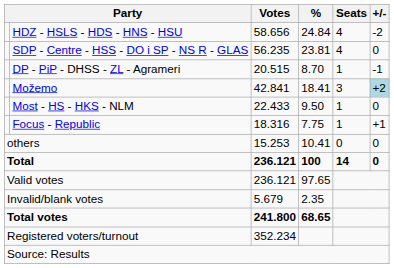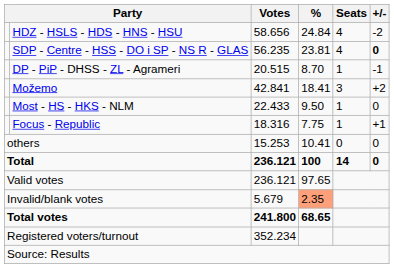 <table class="wikitable" style="text-align: left;">
 <tr>
 <th colspan="2">Party</th>
 <th>Votes</th>
 <th>%</th>
 <th>Seats</th>
 <th>+/-</th>
 </tr>
 <tr>
 <td style="background-color: "></td>
 <td><a href='#'>HDZ</a> - <a href='#'>HSLS</a> - <a href='#'>HDS</a> - <a href='#'>HNS</a> - <a href='#'>HSU</a></td>
 <td>58.656</td>
 <td>24.84</td>
 <td>4</td>
 <td>-2</td>
 </tr>
 <tr>
 <td style="background-color: "></td>
 <td><a href='#'>SDP</a> - <a href='#'>Centre</a> - <a href='#'>HSS</a> - <a href='#'>DO i SP</a> - <a href='#'>NS R</a> - <a href='#'>GLAS</a></td>
 <td>56.235</td>
 <td>23.81</td>
 <td>4</td>
-<td>0</td>
+<td><strong>0</strong></td>
 </tr>
 <tr>
 <td style="background-color: "></td>
 <td><a href='#'>DP</a> - <a href='#'>PiP</a> - DHSS - <a href='#'>ZL</a> - Agrameri</td>
 <td>20.515</td>
 <td>8.70</td>
 <td>1</td>
 <td>-1</td>
 </tr>
 <tr>
 <td style="background-color: "></td>
 <td><a href='#'>Možemo</a></td>
 <td>42.841</td>
 <td>18.41</td>
 <td>3</td>
-<td style="background: lightblue;">+2</td>
+<td>+2</td>
 </tr>
 <tr>
 <td style="background-color: "></td>
 <td><a href='#'>Most</a> - <a href='#'>HS</a> - <a href='#'>HKS</a> - NLM</td>
 <td>22.433</td>
 <td>9.50</td>
 <td>1</td>
 <td>0</td>
 </tr>
 <tr>
 <td></td>
 <td><a href='#'>Focus</a> - <a href='#'>Republic</a></td>
 <td>18.316</td>
 <td>7.75</td>
 <td>1</td>
 <td>+1</td>
 </tr>
 <tr>
 <td colspan="2">others</td>
 <td>15.253</td>
 <td>10.41</td>
 <td>0</td>
 <td>0</td>
 </tr>
 <tr>
 <td colspan="2"><strong>Total</strong></td>
 <td><strong>236.121</strong></td>
 <td><strong>100</strong></td>
 <td><strong>14</strong></td>
 <td><strong>0</strong></td>
 </tr>
 <tr>
 <td colspan="2">Valid votes</td>
 <td>236.121</td>
 <td>97.65</td>
 <td colspan="2"></td>
 </tr>
 <tr>
 <td colspan="2">Invalid/blank votes</td>
 <td>5.679</td>
-<td>2.35</td>
+<td style="background: lightsalmon;">2.35</td>
 <td colspan="2"></td>
 </tr>
 <tr>
 <td colspan="2"><strong>Total votes</strong></td>
 <td><strong>241.800</strong></td>
 <td><strong>68.65</strong></td>
 <td colspan="2"></td>
 </tr>
 <tr>
 <td colspan="2">Registered voters/turnout</td>
 <td votes14="5343">352.234</td>
 <td></td>
 <td colspan="2"></td>
 </tr>
 <tr>
 <td colspan="6">Source:  Results</td>
 </tr>
 </table>
